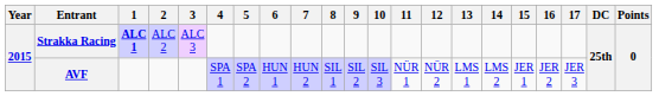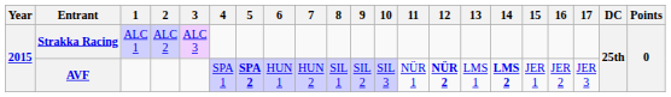 <table class="wikitable" style="text-align:center; font-size:85%">
 <tr>
 <th>Year</th>
 <th>Entrant</th>
 <th>1</th>
 <th>2</th>
 <th>3</th>
 <th>4</th>
 <th>5</th>
 <th>6</th>
 <th>7</th>
 <th>8</th>
 <th>9</th>
 <th>10</th>
 <th>11</th>
 <th>12</th>
 <th>13</th>
 <th>14</th>
 <th>15</th>
 <th>16</th>
 <th>17</th>
 <th>DC</th>
 <th>Points</th>
 </tr>
 <tr>
 <th rowspan="2"><a href='#'>2015</a></th>
 <th nowrap><a href='#'>Strakka Racing</a></th>
-<td style="background:#cfcfff;"><strong><a href='#'>ALC<br>1</a><br></strong></td>
+<td style="background:#cfcfff;"><a href='#'>ALC<br>1</a><br></td>
 <td style="background:#cfcfff;"><a href='#'>ALC<br>2</a><br></td>
 <td style="background:#efcfff;"><a href='#'>ALC<br>3</a><br></td>
 <td></td>
 <td></td>
 <td></td>
 <td></td>
 <td></td>
 <td></td>
 <td></td>
 <td></td>
 <td></td>
 <td></td>
 <td></td>
 <td></td>
 <td></td>
 <td></td>
 <th rowspan="2">25th</th>
 <th rowspan="2">0</th>
 </tr>
 <tr>
 <th nowrap><a href='#'>AVF</a></th>
 <td></td>
 <td></td>
 <td></td>
 <td style="background:#cfcfff;"><a href='#'>SPA<br>1</a><br></td>
-<td style="background:#cfcfff;"><a href='#'>SPA<br>2</a><br></td>
+<td style="background:#cfcfff;"><strong><a href='#'>SPA<br>2</a><br></strong></td>
 <td style="background:#cfcfff;"><a href='#'>HUN<br>1</a><br></td>
 <td style="background:#cfcfff;"><a href='#'>HUN<br>2</a><br></td>
 <td style="background:#cfcfff;"><a href='#'>SIL<br>1</a><br></td>
 <td style="background:#cfcfff;"><a href='#'>SIL<br>2</a><br></td>
 <td style="background:#cfcfff;"><a href='#'>SIL<br>3</a><br></td>
 <td style="background:#;"><a href='#'>NÜR<br>1</a><br></td>
-<td style="background:#;"><a href='#'>NÜR<br>2</a><br></td>
+<td style="background:#;"><strong><a href='#'>NÜR<br>2</a><br></strong></td>
 <td style="background:#;"><a href='#'>LMS<br>1</a><br></td>
-<td style="background:#;"><a href='#'>LMS<br>2</a><br></td>
+<td style="background:#;"><strong><a href='#'>LMS<br>2</a><br></strong></td>
 <td style="background:#;"><a href='#'>JER<br>1</a><br></td>
 <td style="background:#;"><a href='#'>JER<br>2</a><br></td>
 <td style="background:#;"><a href='#'>JER<br>3</a><br></td>
 </tr>
 </table>
